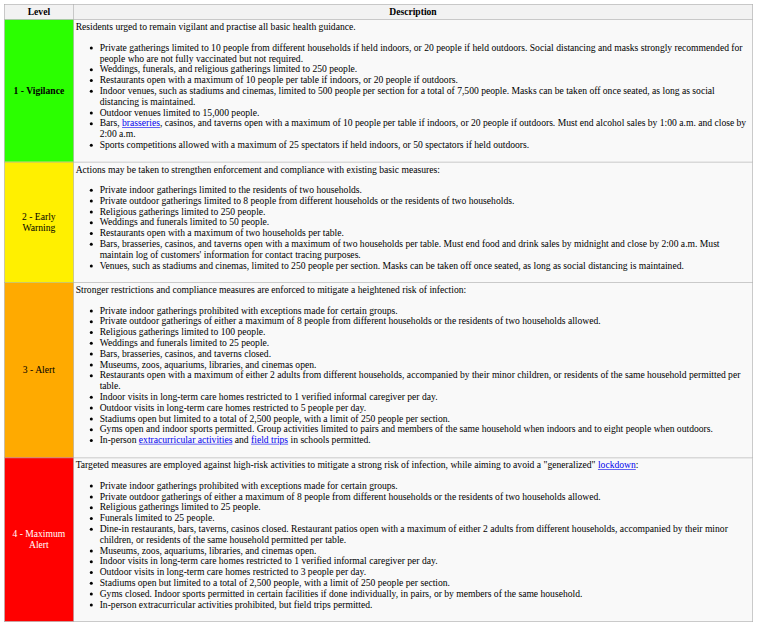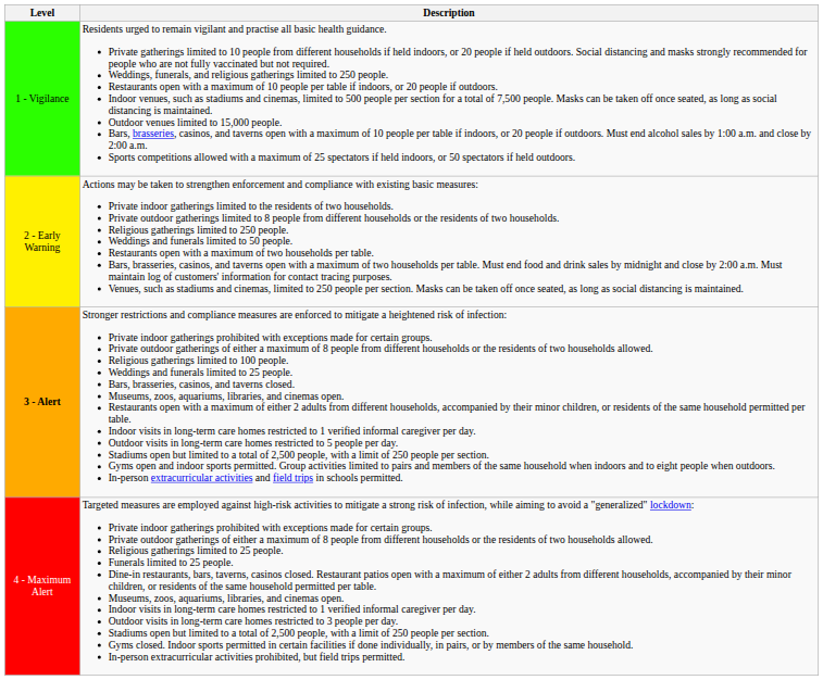 <table class="wikitable mw-collapsible mw-collapsed">
 <tr>
 <th>Level</th>
 <th>Description</th>
 </tr>
 <tr>
-<td style="background:#2BFF00; color:black; text-align:center;"><strong>1 - Vigilance</strong></td>
+<td style="background:#2BFF00; color:black; text-align:center;">1 - Vigilance</td>
 <td>Residents urged to remain vigilant and practise all basic health guidance.<br><ul><li>Private gatherings limited to 10 people from different households if held indoors, or 20 people if held outdoors. Social distancing and masks strongly recommended for people who are not fully vaccinated but not required.</li><li>Weddings, funerals, and religious gatherings limited to 250 people.</li><li>Restaurants open with a maximum of 10 people per table if indoors, or 20 people if outdoors.</li><li>Indoor venues, such as stadiums and cinemas, limited to 500 people per section for a total of 7,500 people. Masks can be taken off once seated, as long as social distancing is maintained.</li><li>Outdoor venues limited to 15,000 people.</li><li>Bars, <a href='#'>brasseries</a>, casinos, and taverns open with a maximum of 10 people per table if indoors, or 20 people if outdoors. Must end alcohol sales by 1:00 a.m. and close by 2:00 a.m.</li><li>Sports competitions allowed with a maximum of 25 spectators if held indoors, or 50 spectators if held outdoors.</li></ul></td>
 </tr>
 <tr>
 <td style="background:#FFF000; color:black; text-align:center;">2 - Early Warning</td>
 <td>Actions may be taken to strengthen enforcement and compliance with existing basic measures:<br><ul><li>Private indoor gatherings limited to the residents of two households.</li><li>Private outdoor gatherings limited to 8 people from different households or the residents of two households.</li><li>Religious gatherings limited to 250 people.</li><li>Weddings and funerals limited to 50 people.</li><li>Restaurants open with a maximum of two households per table.</li><li>Bars, brasseries, casinos, and taverns open with a maximum of two households per table. Must end food and drink sales by midnight and close by 2:00 a.m. Must maintain log of customers' information for contact tracing purposes.</li><li>Venues, such as stadiums and cinemas, limited to 250 people per section. Masks can be taken off once seated, as long as social distancing is maintained.</li></ul></td>
 </tr>
 <tr>
-<td style="background:#FFAA00; color:black; text-align:center;">3 - Alert</td>
+<td style="background:#FFAA00; color:black; text-align:center;"><strong>3 - Alert</strong></td>
 <td>Stronger restrictions and compliance measures are enforced to mitigate a heightened risk of infection:<br><ul><li>Private indoor gatherings prohibited with exceptions made for certain groups.</li><li>Private outdoor gatherings of either a maximum of 8 people from different households or the residents of two households allowed.</li><li>Religious gatherings limited to 100 people.</li><li>Weddings and funerals limited to 25 people.</li><li>Bars, brasseries, casinos, and taverns closed.</li><li>Museums, zoos, aquariums, libraries, and cinemas open.</li><li>Restaurants open with a maximum of either 2 adults from different households, accompanied by their minor children, or residents of the same household permitted per table.</li><li>Indoor visits in long-term care homes restricted to 1 verified informal caregiver per day.</li><li>Outdoor visits in long-term care homes restricted to 5 people per day.</li><li>Stadiums open but limited to a total of 2,500 people, with a limit of 250 people per section.</li><li>Gyms open and indoor sports permitted. Group activities limited to pairs and members of the same household when indoors and to eight people when outdoors.</li><li>In-person <a href='#'>extracurricular activities</a> and <a href='#'>field trips</a> in schools permitted.</li></ul></td>
 </tr>
 <tr>
 <td style="background:#FF0000; color:white; text-align:center;">4 - Maximum Alert</td>
 <td>Targeted measures are employed against high-risk activities to mitigate a strong risk of infection, while aiming to avoid a "generalized" <a href='#'>lockdown</a>:<br><ul><li>Private indoor gatherings prohibited with exceptions made for certain groups.</li><li>Private outdoor gatherings of either a maximum of 8 people from different households or the residents of two households allowed.</li><li>Religious gatherings limited to 25 people.</li><li>Funerals limited to 25 people.</li><li>Dine-in restaurants, bars, taverns, casinos closed. Restaurant patios open with a maximum of either 2 adults from different households, accompanied by their minor children, or residents of the same household permitted per table.</li><li>Museums, zoos, aquariums, libraries, and cinemas open.</li><li>Indoor visits in long-term care homes restricted to 1 verified informal caregiver per day.</li><li>Outdoor visits in long-term care homes restricted to 3 people per day.</li><li>Stadiums open but limited to a total of 2,500 people, with a limit of 250 people per section.</li><li>Gyms closed. Indoor sports permitted in certain facilities if done individually, in pairs, or by members of the same household.</li><li>In-person extracurricular activities prohibited, but field trips permitted.</li></ul></td>
 </tr>
 </table>
